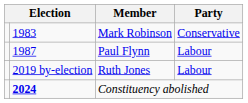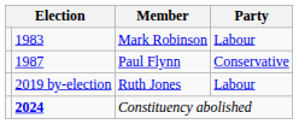 <table class="wikitable">
 <tr>
 <th colspan="2">Election</th>
 <th>Member</th>
 <th>Party</th>
 </tr>
 <tr>
 <td style="color:inherit;background: "></td>
 <td><a href='#'>1983</a></td>
 <td><a href='#'>Mark Robinson</a></td>
-<td><a href='#'>Conservative</a></td>
+<td><a href='#'>Labour</a></td>
 </tr>
 <tr>
 <td style="color:inherit;background: "></td>
 <td><a href='#'>1987</a></td>
 <td><a href='#'>Paul Flynn</a></td>
-<td><a href='#'>Labour</a></td>
+<td><a href='#'>Conservative</a></td>
 </tr>
 <tr>
 <td style="color:inherit;background: "></td>
 <td><a href='#'>2019 by-election</a></td>
 <td><a href='#'>Ruth Jones</a></td>
 <td><a href='#'>Labour</a></td>
 </tr>
 <tr>
 <td></td>
 <td><strong><a href='#'>2024</a></strong></td>
 <td colspan="2"><em>Constituency abolished</em></td>
 </tr>
 </table>
